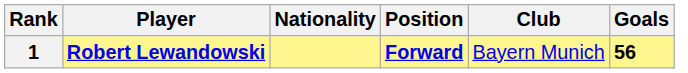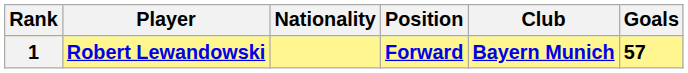 <table class="wikitable">
 <tr>
 <th scope="col">Rank</th>
 <th scope="col">Player</th>
 <th scope="col">Nationality</th>
 <th scope="col">Position</th>
 <th scope="col">Club</th>
 <th scope="col">Goals</th>
 </tr>
 <tr style="background-color:#FFF68F">
 <th scope="row">1</th>
 <td><strong><a href='#'>Robert Lewandowski</a></strong></td>
 <td></td>
 <td><strong><a href='#'>Forward</a></strong></td>
-<td> <a href='#'>Bayern Munich</a></td>
-<td><strong>56</strong></td>
+<td><strong> <a href='#'>Bayern Munich</a></strong></td>
+<td><strong>57</strong></td>
 </tr>
 </table>
